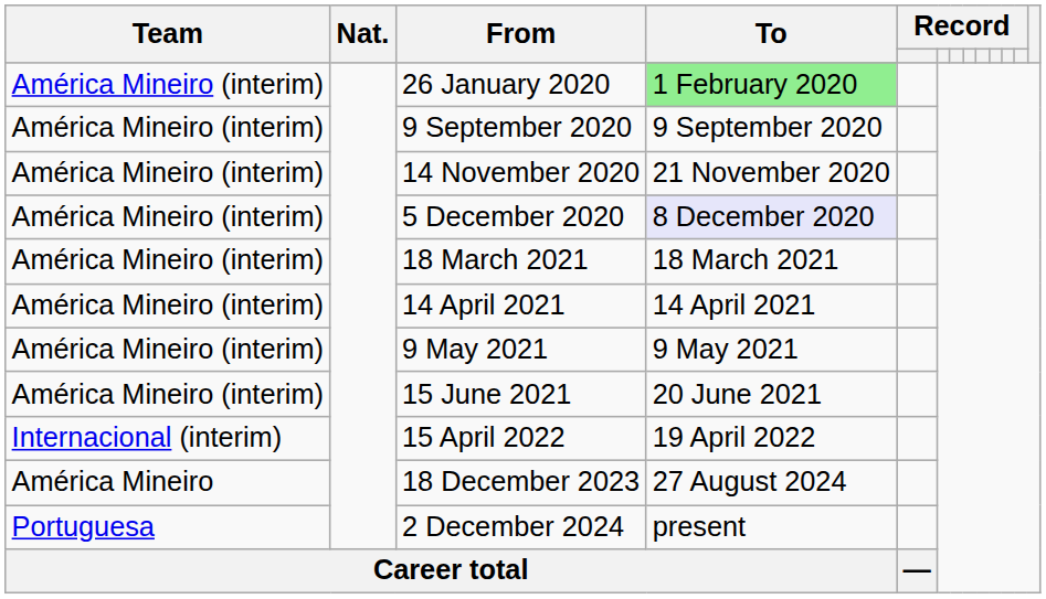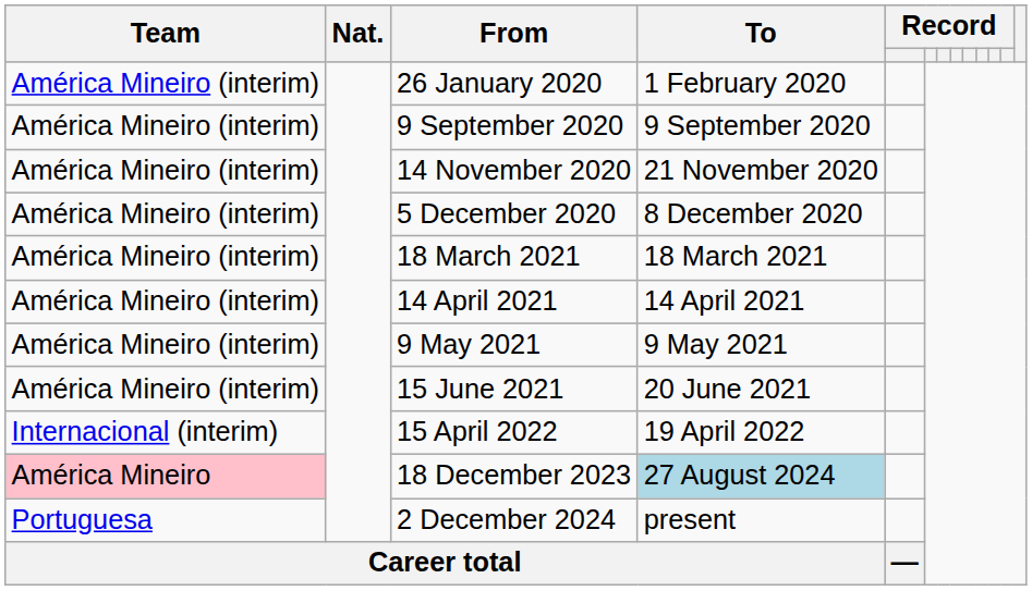 <table class="wikitable" style="text-align: center">
 <tr>
 <th rowspan="2">Team</th>
 <th rowspan="2">Nat.</th>
 <th rowspan="2">From</th>
 <th rowspan="2">To</th>
 <th colspan="8">Record</th>
 <th rowspan=2></th>
 </tr>
 <tr>
 <th></th>
 <th></th>
 <th></th>
 <th></th>
 <th></th>
 <th></th>
 <th></th>
 <th></th>
 </tr>
 <tr>
 <td align="left"><a href='#'>América Mineiro</a> (interim)</td>
 <td rowspan="11"></td>
 <td align=left>26 January 2020</td>
-<td align=left style="background: lightgreen;">1 February 2020<br></td>
+<td align=left>1 February 2020<br></td>
 <td></td>
 </tr>
 <tr>
 <td align="left">América Mineiro (interim)</td>
 <td align=left>9 September 2020</td>
 <td align=left>9 September 2020<br></td>
 <td></td>
 </tr>
 <tr>
 <td align="left">América Mineiro (interim)</td>
 <td align=left>14 November 2020</td>
 <td align=left>21 November 2020<br></td>
 <td></td>
 </tr>
 <tr>
 <td align="left">América Mineiro (interim)</td>
 <td align=left>5 December 2020</td>
-<td align=left style="background: lavender;">8 December 2020<br></td>
+<td align=left>8 December 2020<br></td>
 <td></td>
 </tr>
 <tr>
 <td align="left">América Mineiro (interim)</td>
 <td align=left>18 March 2021</td>
 <td align=left>18 March 2021<br></td>
 <td></td>
 </tr>
 <tr>
 <td align="left">América Mineiro (interim)</td>
 <td align=left>14 April 2021</td>
 <td align=left>14 April 2021<br></td>
 <td></td>
 </tr>
 <tr>
 <td align="left">América Mineiro (interim)</td>
 <td align=left>9 May 2021</td>
 <td align=left>9 May 2021<br></td>
 <td></td>
 </tr>
 <tr>
 <td align="left">América Mineiro (interim)</td>
 <td align=left>15 June 2021</td>
 <td align=left>20 June 2021<br></td>
 <td></td>
 </tr>
 <tr>
 <td align="left"><a href='#'>Internacional</a> (interim)</td>
 <td align=left>15 April 2022</td>
 <td align=left>19 April 2022<br></td>
 <td></td>
 </tr>
 <tr>
-<td align="left">América Mineiro</td>
+<td align="left" style="background: pink;">América Mineiro</td>
 <td align=left>18 December 2023</td>
-<td align=left>27 August 2024<br></td>
+<td align=left style="background: lightblue;">27 August 2024<br></td>
 <td></td>
 </tr>
 <tr>
 <td align="left"><a href='#'>Portuguesa</a></td>
 <td align=left>2 December 2024</td>
 <td align=left>present<br></td>
 <td></td>
 </tr>
 <tr>
 <th colspan=4><strong>Career total</strong><br></th>
 <th>—</th>
 </tr>
 </table>
